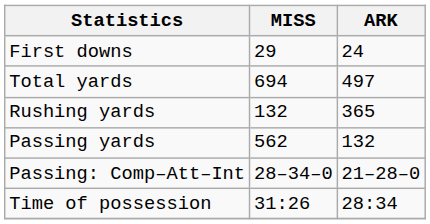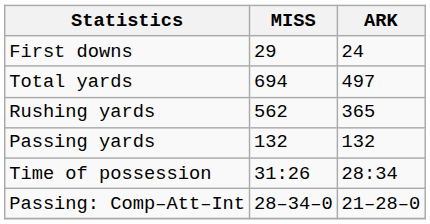 <table class="wikitable" style="float: left;">
 <tr>
 <th>Statistics</th>
 <th>MISS</th>
 <th>ARK</th>
 </tr>
 <tr>
 <td>First downs</td>
 <td>29</td>
 <td>24</td>
 </tr>
 <tr>
 <td>Total yards</td>
 <td>694</td>
 <td>497</td>
 </tr>
 <tr>
 <td>Rushing yards</td>
-<td>132</td>
+<td>562</td>
 <td>365</td>
 </tr>
 <tr>
 <td>Passing yards</td>
-<td>562</td>
 <td>132</td>
+<td>132</td>
+</tr>
+<tr>
+<td>Time of possession</td>
+<td>31:26</td>
+<td>28:34</td>
 </tr>
 <tr>
 <td>Passing: Comp–Att–Int</td>
 <td>28–34–0</td>
 <td>21–28–0</td>
 </tr>
 <tr>
-<td>Time of possession</td>
-<td>31:26</td>
-<td>28:34</td>
-</tr>
-<tr>
 </tr>
 </table>
